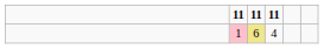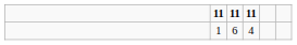 <table class="wikitable">
 <tr>
 <td style="width:18em"><strong></strong></td>
 <td align=center style="width:1em"><strong>11</strong></td>
 <td align=center style="width:1em"><strong>11</strong></td>
 <td align=center style="width:1em"><strong>11</strong></td>
 <td align=center style="width:1em"></td>
 <td align=center style="width:1em"></td>
 </tr>
 <tr>
 <td style="width:18em"></td>
-<td align=center style="background: pink; width:1em">1</td>
-<td align=center style="background: khaki; width:1em">6</td>
+<td align=center style="width:1em">1</td>
+<td align=center style="width:1em">6</td>
 <td align=center style="width:1em">4</td>
 <td align=center style="width:1em"></td>
 <td align=center style="width:1em"></td>
 </tr>
 </table>
